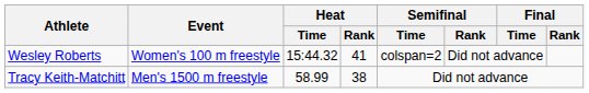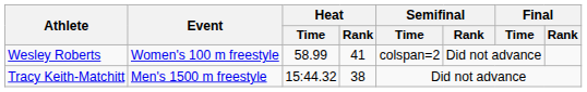 <table class=wikitable style="font-size:90%">
 <tr>
 <th rowspan="2">Athlete</th>
 <th rowspan="2">Event</th>
 <th colspan="2">Heat</th>
 <th colspan="2">Semifinal</th>
 <th colspan="2">Final</th>
 </tr>
 <tr style="font-size:95%">
 <th>Time</th>
 <th>Rank</th>
 <th>Time</th>
 <th>Rank</th>
 <th>Time</th>
 <th>Rank</th>
 </tr>
 <tr align=center>
 <td align=left><a href='#'>Wesley Roberts</a></td>
 <td align=left><a href='#'>Women's 100 m freestyle</a></td>
-<td>15:44.32</td>
+<td>58.99</td>
 <td>41</td>
 <td>colspan=2 </td>
 <td colspan=2>Did not advance</td>
 </tr>
 <tr align=center>
 <td align=left><a href='#'>Tracy Keith-Matchitt</a></td>
 <td align=left><a href='#'>Men's 1500 m freestyle</a></td>
-<td>58.99</td>
+<td>15:44.32</td>
 <td>38</td>
 <td colspan=4>Did not advance</td>
 </tr>
 </table>
